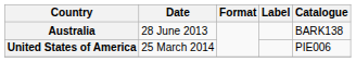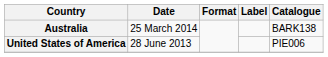 <table class="wikitable plainrowheaders">
 <tr>
 <th>Country</th>
 <th>Date</th>
 <th>Format</th>
 <th>Label</th>
 <th>Catalogue</th>
 </tr>
 <tr>
 <th rowspan="1" scope="row">Australia</th>
-<td>28 June 2013</td>
+<td>25 March 2014</td>
 <td rowspan="2" scope="row"></td>
 <td></td>
 <td>BARK138</td>
 </tr>
 <tr>
 <th rowspan="1" scope="row">United States of America</th>
-<td>25 March 2014</td>
+<td>28 June 2013</td>
 <td></td>
 <td>PIE006</td>
 </tr>
 <tr>
 </tr>
 </table>
